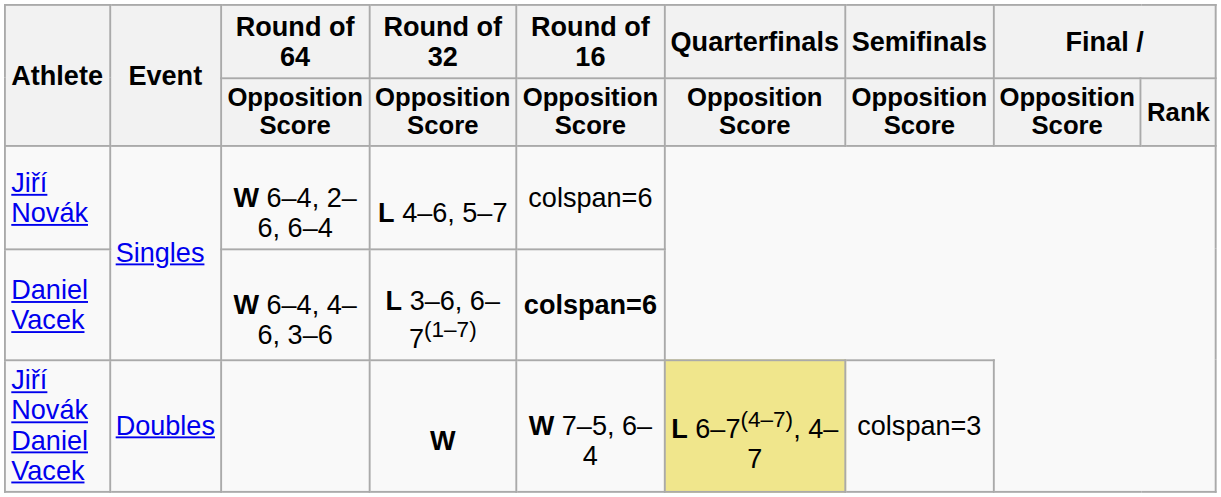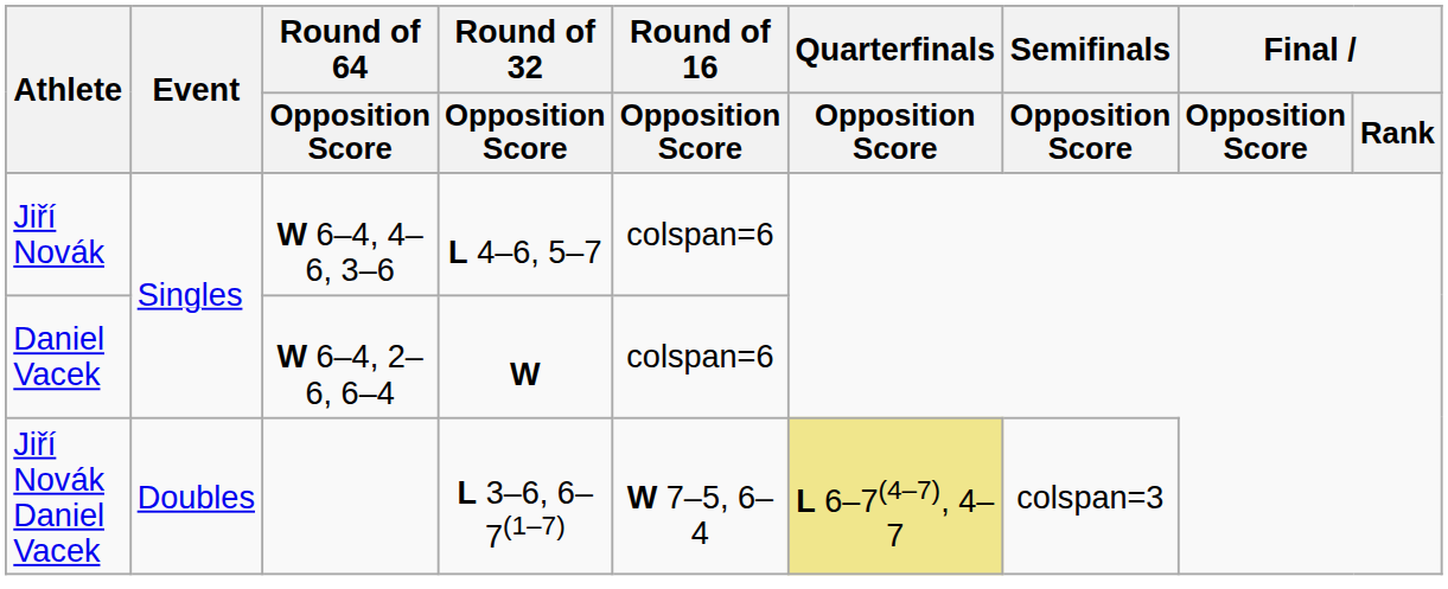 <table class=wikitable style="font-size:90%">
 <tr>
 <th rowspan="2">Athlete</th>
 <th rowspan="2">Event</th>
 <th>Round of 64</th>
 <th>Round of 32</th>
 <th>Round of 16</th>
 <th>Quarterfinals</th>
 <th>Semifinals</th>
 <th colspan=2>Final / </th>
 </tr>
 <tr style="font-size:95%">
 <th>Opposition<br>Score</th>
 <th>Opposition<br>Score</th>
 <th>Opposition<br>Score</th>
 <th>Opposition<br>Score</th>
 <th>Opposition<br>Score</th>
 <th>Opposition<br>Score</th>
 <th>Rank</th>
 </tr>
 <tr align=center>
 <td align=left><a href='#'>Jiří Novák</a></td>
 <td align=left rowspan=2><a href='#'>Singles</a></td>
-<td><br><strong>W</strong> 6–4, 2–6, 6–4</td>
+<td><br><strong>W</strong> 6–4, 4–6, 3–6</td>
 <td><br><strong>L</strong> 4–6, 5–7</td>
 <td>colspan=6 </td>
 </tr>
 <tr align=center>
 <td align=left><a href='#'>Daniel Vacek</a></td>
-<td><br><strong>W</strong> 6–4, 4–6, 3–6</td>
-<td><br><strong>L</strong> 3–6, 6–7<sup>(1–7)</sup></td>
-<td><strong>colspan=6 </strong></td>
+<td><br><strong>W</strong> 6–4, 2–6, 6–4</td>
+<td><br><strong>W</strong> </td>
+<td>colspan=6 </td>
 </tr>
 <tr align=center>
 <td align=left><a href='#'>Jiří Novák</a><br><a href='#'>Daniel Vacek</a></td>
 <td align=left><a href='#'>Doubles</a></td>
 <td></td>
-<td><br><strong>W</strong> </td>
+<td><br><strong>L</strong> 3–6, 6–7<sup>(1–7)</sup></td>
 <td><br><strong>W</strong> 7–5, 6–4</td>
 <td style="background: khaki;"><br><strong>L</strong> 6–7<sup>(4–7)</sup>, 4–7</td>
 <td>colspan=3 </td>
 </tr>
 </table>
